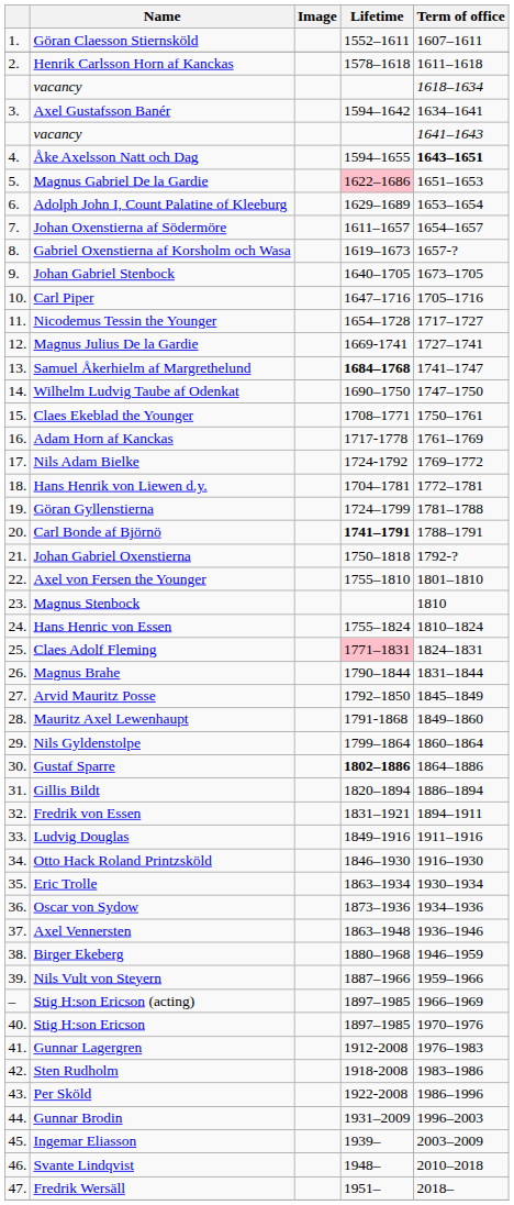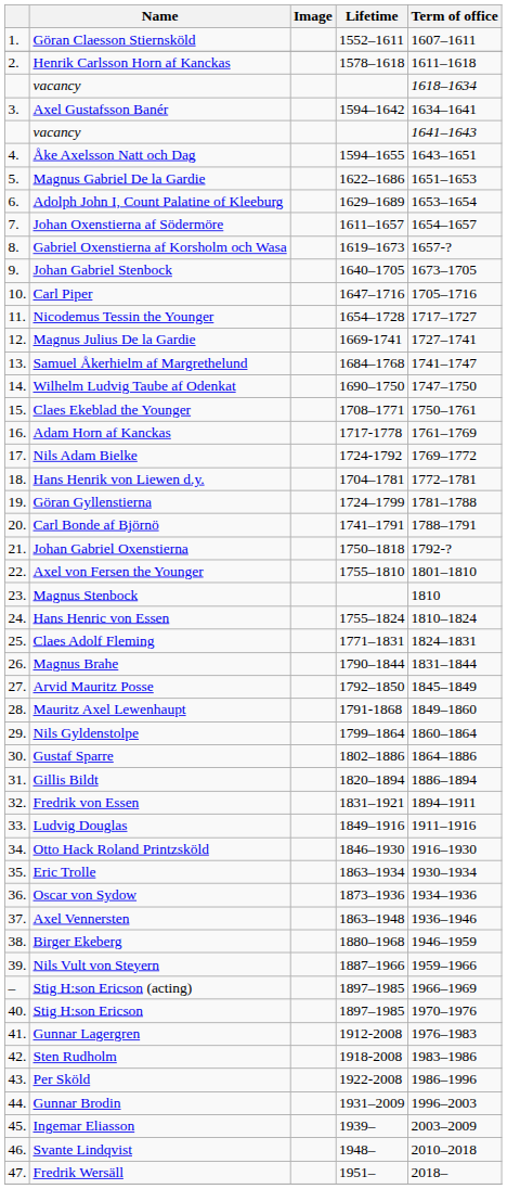 <table class="wikitable sortable">
 <tr>
 <th></th>
 <th>Name</th>
 <th>Image</th>
 <th>Lifetime</th>
 <th>Term of office</th>
 </tr>
 <tr>
 <td>1.</td>
 <td><a href='#'>Göran Claesson Stiernsköld</a></td>
 <td></td>
 <td>1552–1611</td>
 <td>1607–1611</td>
 </tr>
 <tr>
 </tr>
 <tr>
 <td>2.</td>
 <td><a href='#'>Henrik Carlsson Horn af Kanckas</a></td>
 <td></td>
 <td>1578–1618</td>
 <td>1611–1618</td>
 </tr>
 <tr>
 <td></td>
 <td><em>vacancy</em></td>
 <td></td>
 <td></td>
 <td><em>1618–1634</em></td>
 </tr>
 <tr>
 <td>3.</td>
 <td><a href='#'>Axel Gustafsson Banér</a></td>
 <td></td>
 <td>1594–1642</td>
 <td>1634–1641</td>
 </tr>
 <tr>
 <td></td>
 <td><em>vacancy</em></td>
 <td></td>
 <td></td>
 <td><em>1641–1643</em></td>
 </tr>
 <tr>
 <td>4.</td>
 <td><a href='#'>Åke Axelsson Natt och Dag</a></td>
 <td></td>
 <td>1594–1655</td>
-<td><strong>1643–1651</strong></td>
+<td>1643–1651</td>
 </tr>
 <tr>
 <td>5.</td>
 <td><a href='#'>Magnus Gabriel De la Gardie</a></td>
 <td></td>
-<td style="background: pink;">1622–1686</td>
+<td>1622–1686</td>
 <td>1651–1653</td>
 </tr>
 <tr>
 <td>6.</td>
 <td><a href='#'>Adolph John I, Count Palatine of Kleeburg</a></td>
 <td></td>
 <td>1629–1689</td>
 <td>1653–1654</td>
 </tr>
 <tr>
 <td>7.</td>
 <td><a href='#'>Johan Oxenstierna af Södermöre</a></td>
 <td></td>
 <td>1611–1657</td>
 <td>1654–1657</td>
 </tr>
 <tr>
 <td>8.</td>
 <td><a href='#'>Gabriel Oxenstierna af Korsholm och Wasa</a></td>
 <td></td>
 <td>1619–1673</td>
 <td>1657-?</td>
 </tr>
 <tr>
 <td>9.</td>
 <td><a href='#'>Johan Gabriel Stenbock</a></td>
 <td></td>
 <td>1640–1705</td>
 <td>1673–1705</td>
 </tr>
 <tr>
 <td>10.</td>
 <td><a href='#'>Carl Piper</a></td>
 <td></td>
 <td>1647–1716</td>
 <td>1705–1716</td>
 </tr>
 <tr>
 <td>11.</td>
 <td><a href='#'>Nicodemus Tessin the Younger</a></td>
 <td></td>
 <td>1654–1728</td>
 <td>1717–1727</td>
 </tr>
 <tr>
 <td>12.</td>
 <td><a href='#'>Magnus Julius De la Gardie</a></td>
 <td></td>
 <td>1669-1741</td>
 <td>1727–1741</td>
 </tr>
 <tr>
 <td>13.</td>
 <td><a href='#'>Samuel Åkerhielm af Margrethelund</a></td>
 <td></td>
-<td><strong>1684–1768</strong></td>
+<td>1684–1768</td>
 <td>1741–1747</td>
 </tr>
 <tr>
 <td>14.</td>
 <td><a href='#'>Wilhelm Ludvig Taube af Odenkat</a></td>
 <td></td>
 <td>1690–1750</td>
 <td>1747–1750</td>
 </tr>
 <tr>
 <td>15.</td>
 <td><a href='#'>Claes Ekeblad the Younger</a></td>
 <td></td>
 <td>1708–1771</td>
 <td>1750–1761</td>
 </tr>
 <tr>
 <td>16.</td>
 <td><a href='#'>Adam Horn af Kanckas</a></td>
 <td></td>
 <td>1717-1778</td>
 <td>1761–1769</td>
 </tr>
 <tr>
 <td>17.</td>
 <td><a href='#'>Nils Adam Bielke</a></td>
 <td></td>
 <td>1724-1792</td>
 <td>1769–1772</td>
 </tr>
 <tr>
 <td>18.</td>
 <td><a href='#'>Hans Henrik von Liewen d.y.</a></td>
 <td></td>
 <td>1704–1781</td>
 <td>1772–1781</td>
 </tr>
 <tr>
 <td>19.</td>
 <td><a href='#'>Göran Gyllenstierna</a></td>
 <td></td>
 <td>1724–1799</td>
 <td>1781–1788</td>
 </tr>
 <tr>
 <td>20.</td>
 <td><a href='#'>Carl Bonde af Björnö</a></td>
 <td></td>
-<td><strong>1741–1791</strong></td>
+<td>1741–1791</td>
 <td>1788–1791</td>
 </tr>
 <tr>
 <td>21.</td>
 <td><a href='#'>Johan Gabriel Oxenstierna</a></td>
 <td></td>
 <td>1750–1818</td>
 <td>1792-?</td>
 </tr>
 <tr>
 <td>22.</td>
 <td><a href='#'>Axel von Fersen the Younger</a></td>
 <td></td>
 <td>1755–1810</td>
 <td>1801–1810</td>
 </tr>
 <tr>
 <td>23.</td>
 <td><a href='#'>Magnus Stenbock</a></td>
 <td></td>
 <td></td>
 <td>1810</td>
 </tr>
 <tr>
 <td>24.</td>
 <td><a href='#'>Hans Henric von Essen</a></td>
 <td></td>
 <td>1755–1824</td>
 <td>1810–1824</td>
 </tr>
 <tr>
 <td>25.</td>
 <td><a href='#'>Claes Adolf Fleming</a></td>
 <td></td>
-<td style="background: pink;">1771–1831</td>
+<td>1771–1831</td>
 <td>1824–1831</td>
 </tr>
 <tr>
 <td>26.</td>
 <td><a href='#'>Magnus Brahe</a></td>
 <td></td>
 <td>1790–1844</td>
 <td>1831–1844</td>
 </tr>
 <tr>
 <td>27.</td>
 <td><a href='#'>Arvid Mauritz Posse</a></td>
 <td></td>
 <td>1792–1850</td>
 <td>1845–1849</td>
 </tr>
 <tr>
 <td>28.</td>
 <td><a href='#'>Mauritz Axel Lewenhaupt</a></td>
 <td></td>
 <td>1791-1868</td>
 <td>1849–1860</td>
 </tr>
 <tr>
 <td>29.</td>
 <td><a href='#'>Nils Gyldenstolpe</a></td>
 <td></td>
 <td>1799–1864</td>
 <td>1860–1864</td>
 </tr>
 <tr>
 <td>30.</td>
 <td><a href='#'>Gustaf Sparre</a></td>
 <td></td>
-<td><strong>1802–1886</strong></td>
+<td>1802–1886</td>
 <td>1864–1886</td>
 </tr>
 <tr>
 <td>31.</td>
 <td><a href='#'>Gillis Bildt</a></td>
 <td></td>
 <td>1820–1894</td>
 <td>1886–1894</td>
 </tr>
 <tr>
 <td>32.</td>
 <td><a href='#'>Fredrik von Essen</a></td>
 <td></td>
 <td>1831–1921</td>
 <td>1894–1911</td>
 </tr>
 <tr>
 <td>33.</td>
 <td><a href='#'>Ludvig Douglas</a></td>
 <td></td>
 <td>1849–1916</td>
 <td>1911–1916</td>
 </tr>
 <tr>
 <td>34.</td>
 <td><a href='#'>Otto Hack Roland Printzsköld</a></td>
 <td></td>
 <td>1846–1930</td>
 <td>1916–1930</td>
 </tr>
 <tr>
 <td>35.</td>
 <td><a href='#'>Eric Trolle</a></td>
 <td></td>
 <td>1863–1934</td>
 <td>1930–1934</td>
 </tr>
 <tr>
 <td>36.</td>
 <td><a href='#'>Oscar von Sydow</a></td>
 <td></td>
 <td>1873–1936</td>
 <td>1934–1936</td>
 </tr>
 <tr>
 <td>37.</td>
 <td><a href='#'>Axel Vennersten</a></td>
 <td></td>
 <td>1863–1948</td>
 <td>1936–1946</td>
 </tr>
 <tr>
 <td>38.</td>
 <td><a href='#'>Birger Ekeberg</a></td>
 <td></td>
 <td>1880–1968</td>
 <td>1946–1959</td>
 </tr>
 <tr>
 <td>39.</td>
 <td><a href='#'>Nils Vult von Steyern</a></td>
 <td></td>
 <td>1887–1966</td>
 <td>1959–1966</td>
 </tr>
 <tr>
 <td>–</td>
 <td><a href='#'>Stig H:son Ericson</a> (acting)</td>
 <td></td>
 <td>1897–1985</td>
 <td>1966–1969</td>
 </tr>
 <tr>
 <td>40.</td>
 <td><a href='#'>Stig H:son Ericson</a></td>
 <td></td>
 <td>1897–1985</td>
 <td>1970–1976</td>
 </tr>
 <tr>
 <td>41.</td>
 <td><a href='#'>Gunnar Lagergren</a></td>
 <td></td>
 <td>1912-2008</td>
 <td>1976–1983</td>
 </tr>
 <tr>
 <td>42.</td>
 <td><a href='#'>Sten Rudholm</a></td>
 <td></td>
 <td>1918-2008</td>
 <td>1983–1986</td>
 </tr>
 <tr>
 <td>43.</td>
 <td><a href='#'>Per Sköld</a></td>
 <td></td>
 <td>1922-2008</td>
 <td>1986–1996</td>
 </tr>
 <tr>
 <td>44.</td>
 <td><a href='#'>Gunnar Brodin</a></td>
 <td></td>
 <td>1931–2009</td>
 <td>1996–2003</td>
 </tr>
 <tr>
 <td>45.</td>
 <td><a href='#'>Ingemar Eliasson</a></td>
 <td></td>
 <td>1939–</td>
 <td>2003–2009</td>
 </tr>
 <tr>
 <td>46.</td>
 <td><a href='#'>Svante Lindqvist</a></td>
 <td></td>
 <td>1948–</td>
 <td>2010–2018</td>
 </tr>
 <tr>
 <td>47.</td>
 <td><a href='#'>Fredrik Wersäll</a></td>
 <td></td>
 <td>1951–</td>
 <td>2018–</td>
 </tr>
 <tr>
 </tr>
 </table>
